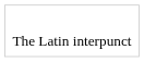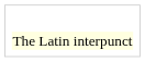 <table align=right style="border:1px solid #ccc; padding:.3em; margin:1em">
 <tr>
 <td><span></span><br></td>
 </tr>
 <tr>
-<td><span>The Latin interpunct</span></td>
+<td style="background: lightyellow;"><span>The Latin interpunct</span></td>
 </tr>
 </table>
